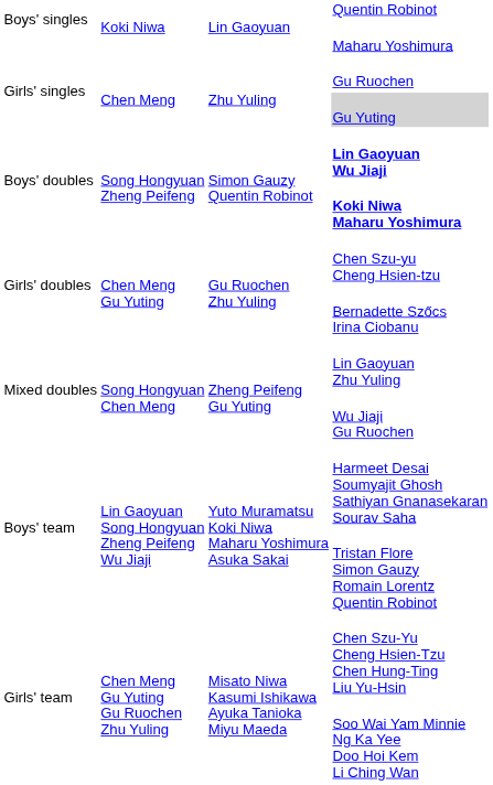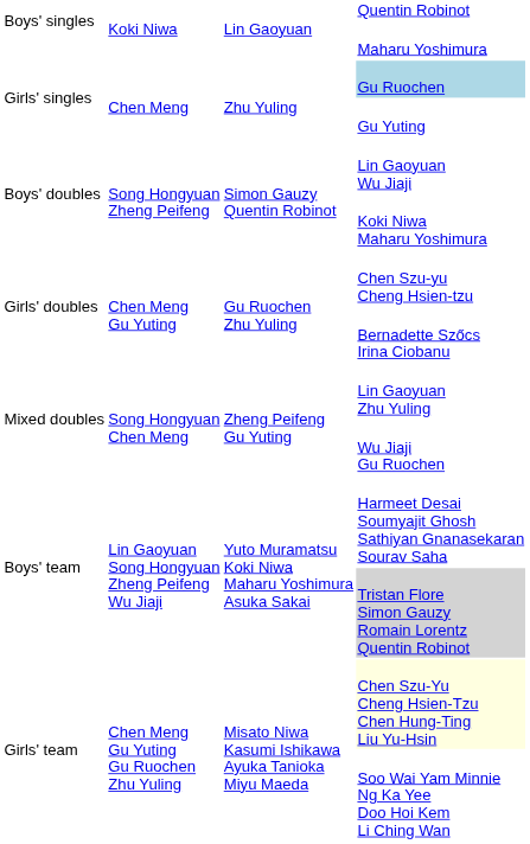 <table>
 <tr>
 <td rowspan=2>Boys' singles</td>
 <td rowspan=2><br><a href='#'>Koki Niwa</a></td>
 <td rowspan=2><br><a href='#'>Lin Gaoyuan</a></td>
 <td><br><a href='#'>Quentin Robinot</a></td>
 </tr>
 <tr>
 <td><br><a href='#'>Maharu Yoshimura</a></td>
 </tr>
 <tr>
 <td rowspan=2>Girls' singles</td>
 <td rowspan=2><br><a href='#'>Chen Meng</a></td>
 <td rowspan=2><br><a href='#'>Zhu Yuling</a></td>
-<td><br><a href='#'>Gu Ruochen</a></td>
+<td style="background: lightblue;"><br><a href='#'>Gu Ruochen</a></td>
 </tr>
 <tr>
-<td style="background: lightgrey;"><br><a href='#'>Gu Yuting</a></td>
+<td><br><a href='#'>Gu Yuting</a></td>
 </tr>
 <tr>
 <td rowspan=2>Boys' doubles</td>
 <td rowspan=2><br><a href='#'>Song Hongyuan</a><br><a href='#'>Zheng Peifeng</a></td>
 <td rowspan=2><br><a href='#'>Simon Gauzy</a><br><a href='#'>Quentin Robinot</a></td>
-<td><strong><br><a href='#'>Lin Gaoyuan</a><br><a href='#'>Wu Jiaji</a></strong></td>
+<td><br><a href='#'>Lin Gaoyuan</a><br><a href='#'>Wu Jiaji</a></td>
 </tr>
 <tr>
-<td><strong><br><a href='#'>Koki Niwa</a><br><a href='#'>Maharu Yoshimura</a></strong></td>
+<td><br><a href='#'>Koki Niwa</a><br><a href='#'>Maharu Yoshimura</a></td>
 </tr>
 <tr>
 <td rowspan=2>Girls' doubles</td>
 <td rowspan=2><br><a href='#'>Chen Meng</a><br><a href='#'>Gu Yuting</a></td>
 <td rowspan=2><br><a href='#'>Gu Ruochen</a><br><a href='#'>Zhu Yuling</a></td>
 <td><br><a href='#'>Chen Szu-yu</a><br><a href='#'>Cheng Hsien-tzu</a></td>
 </tr>
 <tr>
 <td><br><a href='#'>Bernadette Szőcs</a><br><a href='#'>Irina Ciobanu</a></td>
 </tr>
 <tr>
 <td rowspan=2>Mixed doubles</td>
 <td rowspan=2><br><a href='#'>Song Hongyuan</a><br><a href='#'>Chen Meng</a></td>
 <td rowspan=2><br><a href='#'>Zheng Peifeng</a><br><a href='#'>Gu Yuting</a></td>
 <td><br><a href='#'>Lin Gaoyuan</a><br><a href='#'>Zhu Yuling</a></td>
 </tr>
 <tr>
 <td><br><a href='#'>Wu Jiaji</a><br><a href='#'>Gu Ruochen</a></td>
 </tr>
 <tr>
 <td rowspan=2>Boys' team</td>
 <td rowspan=2><br><a href='#'>Lin Gaoyuan</a><br><a href='#'>Song Hongyuan</a><br><a href='#'>Zheng Peifeng</a><br><a href='#'>Wu Jiaji</a></td>
 <td rowspan=2><br><a href='#'>Yuto Muramatsu</a><br><a href='#'>Koki Niwa</a><br><a href='#'>Maharu Yoshimura</a><br><a href='#'>Asuka Sakai</a></td>
 <td><br><a href='#'>Harmeet Desai</a><br><a href='#'>Soumyajit Ghosh</a><br><a href='#'>Sathiyan Gnanasekaran</a><br><a href='#'>Sourav Saha</a></td>
 </tr>
 <tr>
-<td><br><a href='#'>Tristan Flore</a><br><a href='#'>Simon Gauzy</a><br><a href='#'>Romain Lorentz</a><br><a href='#'>Quentin Robinot</a></td>
+<td style="background: lightgrey;"><br><a href='#'>Tristan Flore</a><br><a href='#'>Simon Gauzy</a><br><a href='#'>Romain Lorentz</a><br><a href='#'>Quentin Robinot</a></td>
 </tr>
 <tr>
 <td rowspan=2>Girls' team</td>
 <td rowspan=2><br><a href='#'>Chen Meng</a><br><a href='#'>Gu Yuting</a><br><a href='#'>Gu Ruochen</a><br><a href='#'>Zhu Yuling</a></td>
 <td rowspan=2><br><a href='#'>Misato Niwa</a><br><a href='#'>Kasumi Ishikawa</a><br><a href='#'>Ayuka Tanioka</a><br><a href='#'>Miyu Maeda</a></td>
-<td><br><a href='#'>Chen Szu-Yu</a><br><a href='#'>Cheng Hsien-Tzu</a><br><a href='#'>Chen Hung-Ting</a><br><a href='#'>Liu Yu-Hsin</a></td>
+<td style="background: lightyellow;"><br><a href='#'>Chen Szu-Yu</a><br><a href='#'>Cheng Hsien-Tzu</a><br><a href='#'>Chen Hung-Ting</a><br><a href='#'>Liu Yu-Hsin</a></td>
 </tr>
 <tr>
 <td><br><a href='#'>Soo Wai Yam Minnie</a><br><a href='#'>Ng Ka Yee</a><br><a href='#'>Doo Hoi Kem</a><br><a href='#'>Li Ching Wan</a></td>
 </tr>
 </table>
